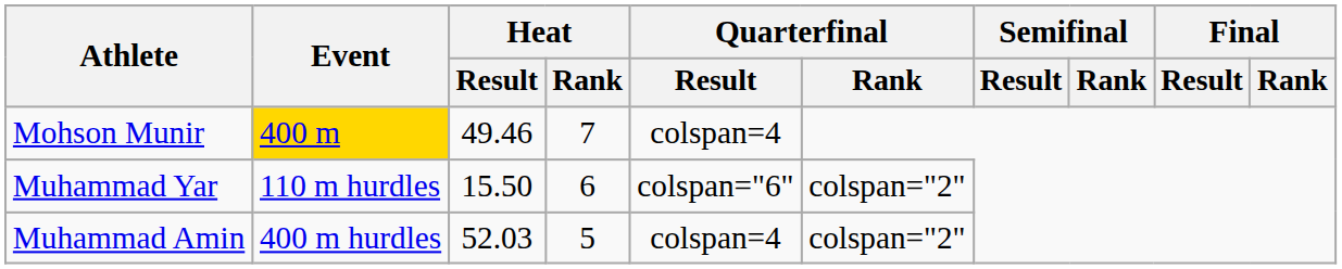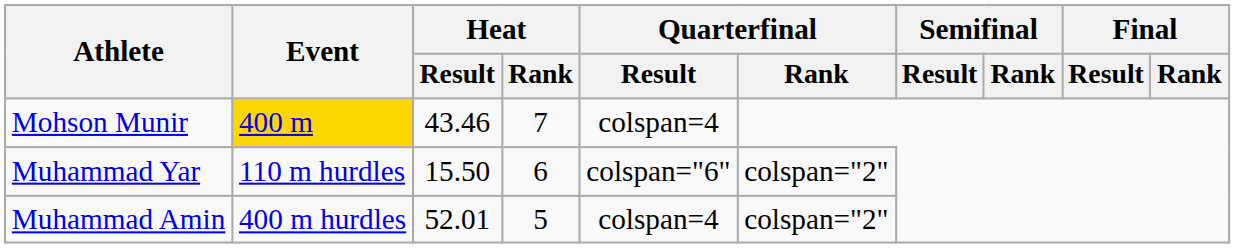 <table class="wikitable" style="font-size:90%; text-align:center">
 <tr>
 <th rowspan=2>Athlete</th>
 <th rowspan=2>Event</th>
 <th colspan=2>Heat</th>
 <th colspan=2>Quarterfinal</th>
 <th colspan=2>Semifinal</th>
 <th colspan=2>Final</th>
 </tr>
 <tr style="font-size:95%">
 <th>Result</th>
 <th>Rank</th>
 <th>Result</th>
 <th>Rank</th>
 <th>Result</th>
 <th>Rank</th>
 <th>Result</th>
 <th>Rank</th>
 </tr>
 <tr>
 <td align=left><a href='#'>Mohson Munir</a></td>
 <td align=left rowspan=1 style="background: gold;"><a href='#'>400 m</a></td>
-<td>49.46</td>
+<td>43.46</td>
 <td>7</td>
 <td>colspan=4 </td>
 </tr>
 <tr>
 <td align=left><a href='#'>Muhammad Yar</a></td>
 <td align=left rowspan=1><a href='#'>110 m hurdles</a></td>
 <td>15.50</td>
 <td>6</td>
 <td>colspan="6" </td>
 <td>colspan="2" </td>
 </tr>
 <tr>
 <td align=left><a href='#'>Muhammad Amin</a></td>
 <td align=left rowspan=1><a href='#'>400 m hurdles</a></td>
-<td>52.03</td>
+<td>52.01</td>
 <td>5</td>
 <td>colspan=4 </td>
 <td>colspan="2" </td>
 </tr>
 </table>
